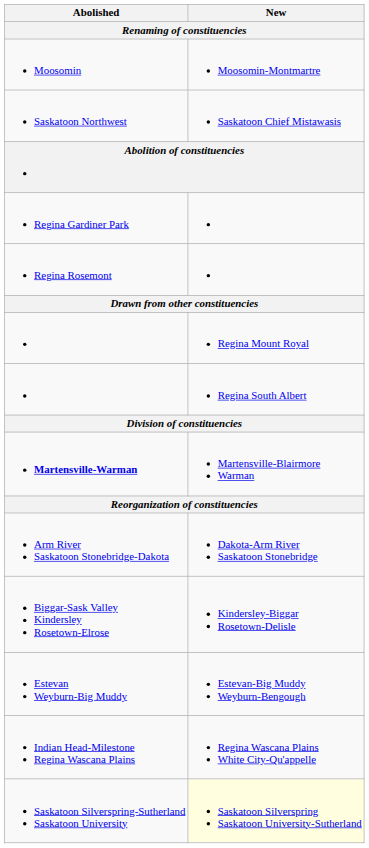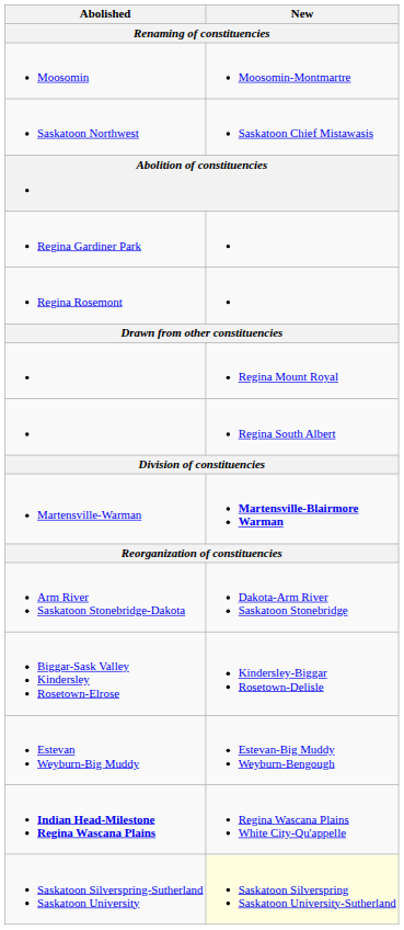 <table class="wikitable">
 <tr>
 <th>Abolished</th>
 <th>New</th>
 </tr>
 <tr>
 <th colspan="2"><em>Renaming of constituencies</em></th>
 </tr>
 <tr>
 <td><br><ul><li><a href='#'>Moosomin</a></li></ul></td>
 <td><br><ul><li><a href='#'>Moosomin-Montmartre</a></li></ul></td>
 </tr>
 <tr>
 <td><br><ul><li><a href='#'>Saskatoon Northwest</a></li></ul></td>
 <td><br><ul><li><a href='#'>Saskatoon Chief Mistawasis</a></li></ul></td>
 </tr>
 <tr>
 <th colspan="2"><em>Abolition of constituencies</em><br><ul><li></li></ul></th>
 </tr>
 <tr>
 <td><br><ul><li><a href='#'>Regina Gardiner Park</a></li></ul></td>
 <td><br><ul><li></li></ul></td>
 </tr>
 <tr>
 <td><br><ul><li><a href='#'>Regina Rosemont</a></li></ul></td>
 <td><br><ul><li></li></ul></td>
 </tr>
 <tr>
 <th colspan="2"><em>Drawn from other constituencies</em></th>
 </tr>
 <tr>
 <td><br><ul><li></li></ul></td>
 <td><br><ul><li><a href='#'>Regina Mount Royal</a></li></ul></td>
 </tr>
 <tr>
 <td><br><ul><li></li></ul></td>
 <td><br><ul><li><a href='#'>Regina South Albert</a></li></ul></td>
 </tr>
 <tr>
 <th colspan="2"><em>Division of constituencies</em></th>
 </tr>
 <tr>
-<td><strong><br><ul><li><a href='#'>Martensville-Warman</a></li></ul></strong></td>
-<td><br><ul><li><a href='#'>Martensville-Blairmore</a></li><li><a href='#'>Warman</a></li></ul></td>
+<td><br><ul><li><a href='#'>Martensville-Warman</a></li></ul></td>
+<td><strong><br><ul><li><a href='#'>Martensville-Blairmore</a></li><li><a href='#'>Warman</a></li></ul></strong></td>
 </tr>
 <tr>
 <th colspan="2"><em>Reorganization of constituencies</em></th>
 </tr>
 <tr>
 <td><br><ul><li><a href='#'>Arm River</a></li><li><a href='#'>Saskatoon Stonebridge-Dakota</a></li></ul></td>
 <td><br><ul><li><a href='#'>Dakota-Arm River</a></li><li><a href='#'>Saskatoon Stonebridge</a></li></ul></td>
 </tr>
 <tr>
 <td><br><ul><li><a href='#'>Biggar-Sask Valley</a></li><li><a href='#'>Kindersley</a></li><li><a href='#'>Rosetown-Elrose</a></li></ul></td>
 <td><br><ul><li><a href='#'>Kindersley-Biggar</a></li><li><a href='#'>Rosetown-Delisle</a></li></ul></td>
 </tr>
 <tr>
 <td><br><ul><li><a href='#'>Estevan</a></li><li><a href='#'>Weyburn-Big Muddy</a></li></ul></td>
 <td><br><ul><li><a href='#'>Estevan-Big Muddy</a></li><li><a href='#'>Weyburn-Bengough</a></li></ul></td>
 </tr>
 <tr>
-<td><br><ul><li><a href='#'>Indian Head-Milestone</a></li><li><a href='#'>Regina Wascana Plains</a></li></ul></td>
+<td><strong><br><ul><li><a href='#'>Indian Head-Milestone</a></li><li><a href='#'>Regina Wascana Plains</a></li></ul></strong></td>
 <td><br><ul><li><a href='#'>Regina Wascana Plains</a></li><li><a href='#'>White City-Qu'appelle</a></li></ul></td>
 </tr>
 <tr>
 <td><br><ul><li><a href='#'>Saskatoon Silverspring-Sutherland</a></li><li><a href='#'>Saskatoon University</a></li></ul></td>
 <td style="background: lightyellow;"><br><ul><li><a href='#'>Saskatoon Silverspring</a></li><li><a href='#'>Saskatoon University-Sutherland</a></li></ul></td>
 </tr>
 </table>
